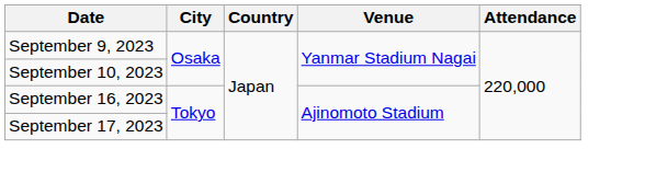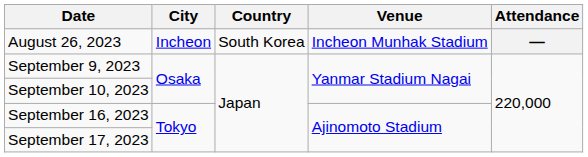 <table class="wikitable">
 <tr>
 <th>Date</th>
 <th>City</th>
 <th>Country</th>
 <th>Venue</th>
 <th>Attendance</th>
+</tr>
+<tr>
+<td>August 26, 2023</td>
+<td><a href='#'>Incheon</a></td>
+<td>South Korea</td>
+<td><a href='#'>Incheon Munhak Stadium</a></td>
+<th>—</th>
 </tr>
 <tr>
 <td>September 9, 2023</td>
 <td rowspan="2"><a href='#'>Osaka</a></td>
 <td rowspan="4">Japan</td>
 <td rowspan="2"><a href='#'>Yanmar Stadium Nagai</a></td>
 <td rowspan="4">220,000</td>
 </tr>
 <tr>
 <td>September 10, 2023</td>
 </tr>
 <tr>
 <td>September 16, 2023</td>
 <td rowspan="2"><a href='#'>Tokyo</a></td>
 <td rowspan="2"><a href='#'>Ajinomoto Stadium</a></td>
 </tr>
 <tr>
 <td>September 17, 2023</td>
 </tr>
 </table>
